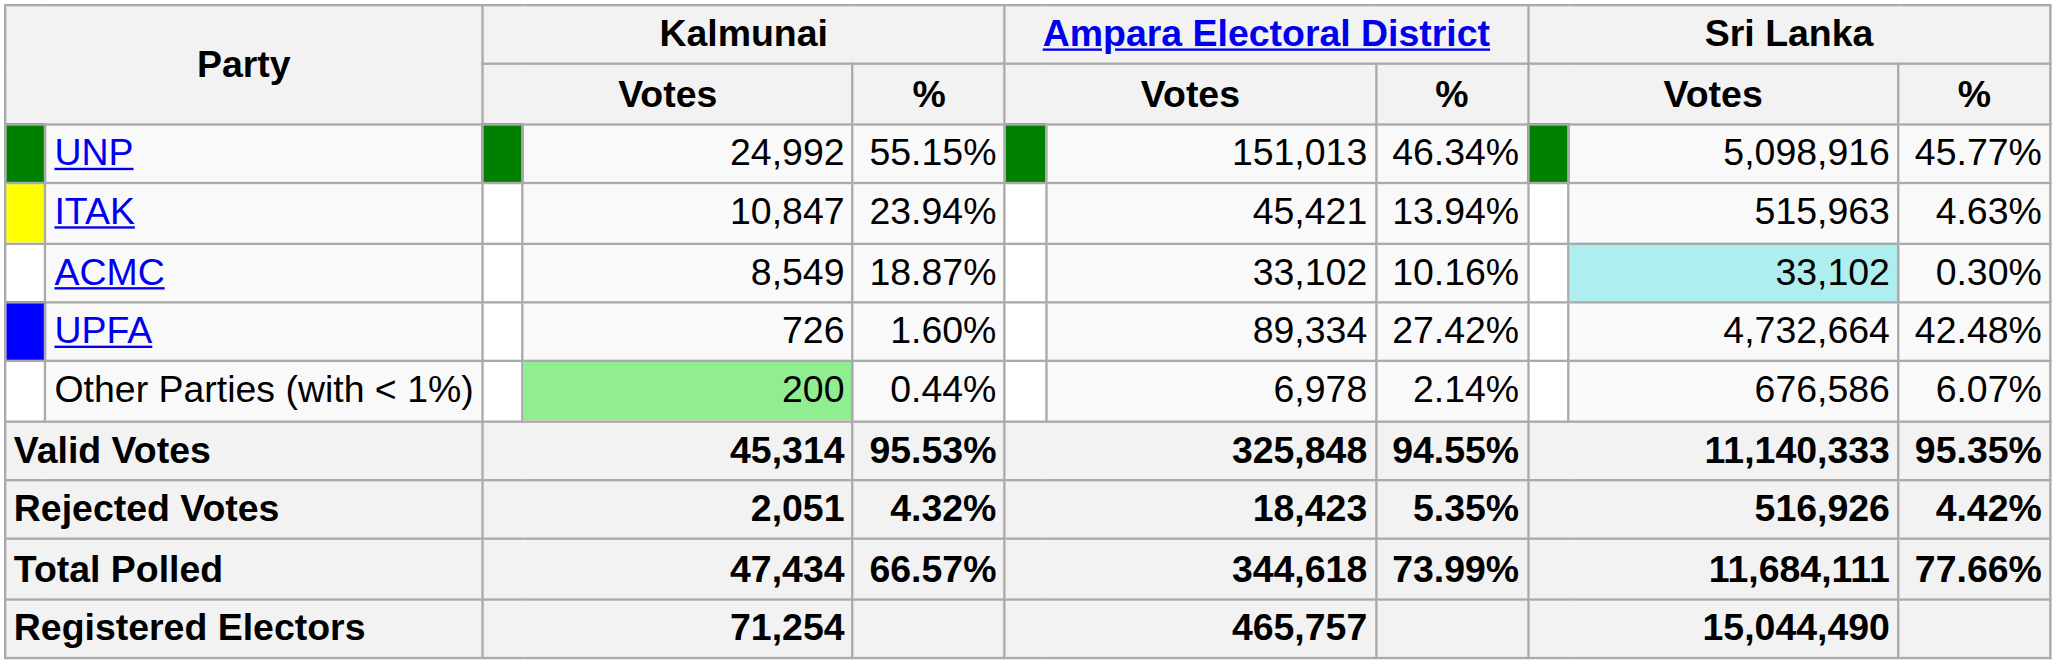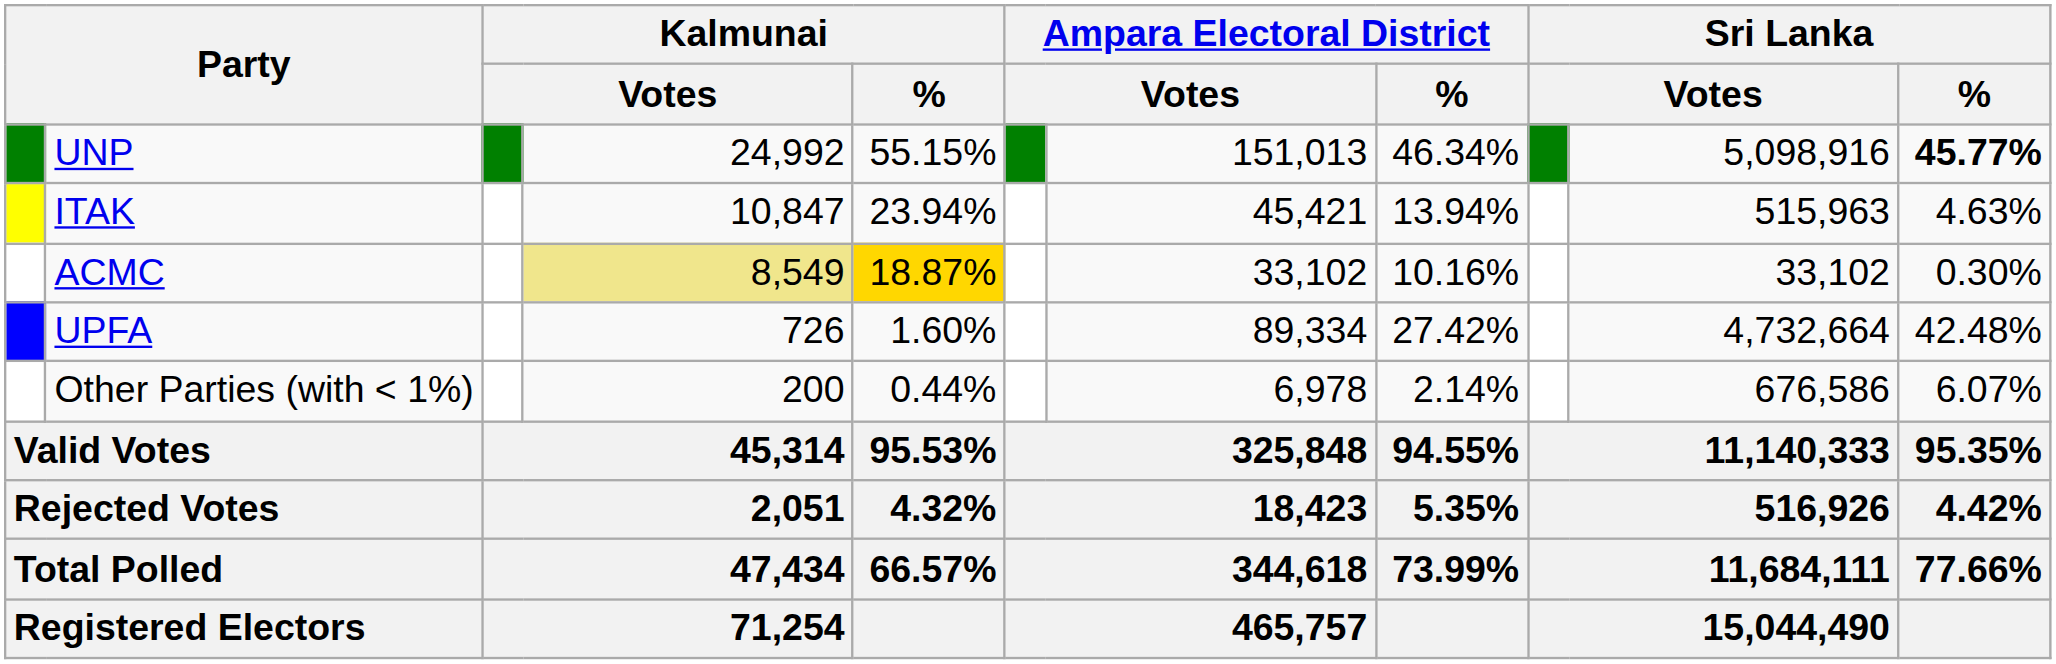 <table class="wikitable">
 <tr>
 <th colspan="2" width="144px"rowspan="2">Party</th>
 <th colspan="3" width="216px">Kalmunai</th>
 <th colspan="3" width="216px"><a href='#'>Ampara Electoral District</a></th>
 <th colspan="3" width="216px">Sri Lanka</th>
 </tr>
 <tr>
 <th colspan="2" width="144px">Votes</th>
 <th>%</th>
 <th colspan="2" width="144px">Votes</th>
 <th>%</th>
 <th colspan="2" width="144px">Votes</th>
 <th>%</th>
 </tr>
 <tr>
 <td style="background-color:green;" width="10px"></td>
 <td style="text-align:left;"><a href='#'>UNP</a></td>
 <td style="background-color:green;" width="10px"></td>
 <td style="text-align:right;">24,992</td>
 <td style="text-align:right;">55.15%</td>
 <td style="background-color:green;" width="10px"></td>
 <td style="text-align:right;">151,013</td>
 <td style="text-align:right;">46.34%</td>
 <td style="background-color:green;" width="10px"></td>
 <td style="text-align:right;">5,098,916</td>
-<td style="text-align:right;">45.77%</td>
+<td style="text-align:right;"><strong>45.77%</strong></td>
 </tr>
 <tr>
 <td style="background-color:yellow;" width="10px"></td>
 <td style="text-align:left;"><a href='#'>ITAK</a></td>
 <td style="background-color:white;" width="10px"></td>
 <td style="text-align:right;">10,847</td>
 <td style="text-align:right;">23.94%</td>
 <td style="background-color:white;" width="10px"></td>
 <td style="text-align:right;">45,421</td>
 <td style="text-align:right;">13.94%</td>
 <td style="background-color:white;" width="10px"></td>
 <td style="text-align:right;">515,963</td>
 <td style="text-align:right;">4.63%</td>
 </tr>
 <tr>
 <td style="background-color:white;" width="10px"></td>
 <td style="text-align:left;"><a href='#'>ACMC</a></td>
 <td style="background-color:white;" width="10px"></td>
-<td style="text-align:right;">8,549</td>
-<td style="text-align:right;">18.87%</td>
+<td style="background: khaki; text-align:right;">8,549</td>
+<td style="background: gold; text-align:right;">18.87%</td>
 <td style="background-color:white;" width="10px"></td>
 <td style="text-align:right;">33,102</td>
 <td style="text-align:right;">10.16%</td>
 <td style="background-color:white;" width="10px"></td>
-<td style="background: paleturquoise; text-align:right;">33,102</td>
+<td style="text-align:right;">33,102</td>
 <td style="text-align:right;">0.30%</td>
 </tr>
 <tr>
 <td style="background-color:blue;" width="10px"></td>
 <td style="text-align:left;"><a href='#'>UPFA</a></td>
 <td style="background-color:white;" width="10px"></td>
 <td style="text-align:right;">726</td>
 <td style="text-align:right;">1.60%</td>
 <td style="background-color:white;" width="10px"></td>
 <td style="text-align:right;">89,334</td>
 <td style="text-align:right;">27.42%</td>
 <td style="background-color:white;" width="10px"></td>
 <td style="text-align:right;">4,732,664</td>
 <td style="text-align:right;">42.48%</td>
 </tr>
 <tr>
 <td style="background-color:white;" width="10px"></td>
 <td style="text-align:left;">Other Parties (with < 1%)</td>
 <td style="background-color:white;" width="10px"></td>
-<td style="background: lightgreen; text-align:right;">200</td>
+<td style="text-align:right;">200</td>
 <td style="text-align:right;">0.44%</td>
 <td style="background-color:white;" width="10px"></td>
 <td style="text-align:right;">6,978</td>
 <td style="text-align:right;">2.14%</td>
 <td style="background-color:white;" width="10px"></td>
 <td style="text-align:right;">676,586</td>
 <td style="text-align:right;">6.07%</td>
 </tr>
 <tr>
 <th colspan="2" width="144px"style="text-align:left;">Valid Votes</th>
 <th style="text-align:right;"colspan="2" width="144px">45,314</th>
 <th style="text-align:right;">95.53%</th>
 <th style="text-align:right;"colspan="2" width="144px">325,848</th>
 <th style="text-align:right;">94.55%</th>
 <th style="text-align:right;"colspan="2" width="144px">11,140,333</th>
 <th style="text-align:right;">95.35%</th>
 </tr>
 <tr>
 <th colspan="2" width="144px"style="text-align:left;">Rejected Votes</th>
 <th style="text-align:right;"colspan="2" width="144px">2,051</th>
 <th style="text-align:right;">4.32%</th>
 <th style="text-align:right;"colspan="2" width="144px">18,423</th>
 <th style="text-align:right;">5.35%</th>
 <th style="text-align:right;"colspan="2" width="144px">516,926</th>
 <th style="text-align:right;">4.42%</th>
 </tr>
 <tr>
 <th colspan="2" width="144px"style="text-align:left;">Total Polled</th>
 <th style="text-align:right;"colspan="2" width="144px">47,434</th>
 <th style="text-align:right;">66.57%</th>
 <th style="text-align:right;"colspan="2" width="144px">344,618</th>
 <th style="text-align:right;">73.99%</th>
 <th style="text-align:right;"colspan="2" width="144px">11,684,111</th>
 <th style="text-align:right;">77.66%</th>
 </tr>
 <tr>
 <th colspan="2" width="144px"style="text-align:left;">Registered Electors</th>
 <th style="text-align:right;"colspan="2" width="144px">71,254</th>
 <th></th>
 <th style="text-align:right;"colspan="2" width="144px">465,757</th>
 <th></th>
 <th style="text-align:right;"colspan="2" width="144px">15,044,490</th>
 <th></th>
 </tr>
 </table>
